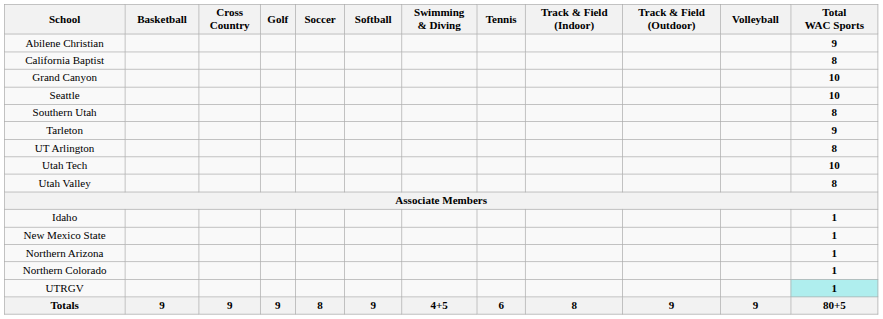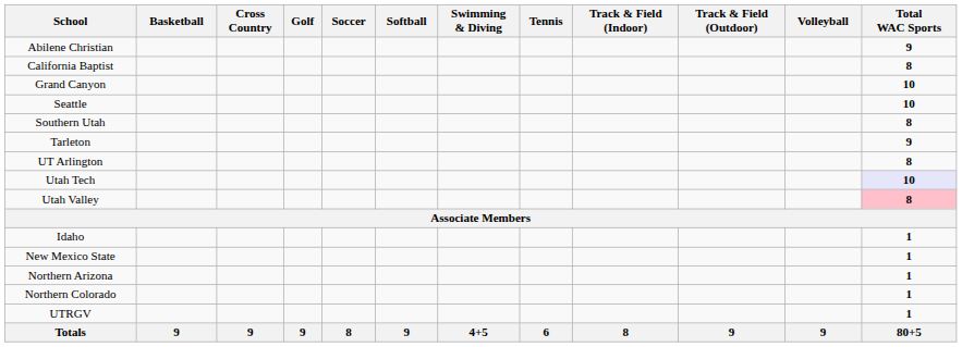 <table class="wikitable" style="text-align:center; width:80%">
 <tr>
 <th>School</th>
 <th>Basketball</th>
 <th>Cross<br>Country</th>
 <th>Golf</th>
 <th>Soccer</th>
 <th>Softball</th>
 <th>Swimming<br>& Diving</th>
 <th>Tennis</th>
 <th>Track & Field<br>(Indoor)</th>
 <th>Track & Field<br>(Outdoor)</th>
 <th>Volleyball</th>
 <th>Total<br>WAC Sports</th>
 </tr>
 <tr>
 <td>Abilene Christian</td>
 <td></td>
 <td></td>
 <td></td>
 <td></td>
 <td></td>
 <td></td>
 <td></td>
 <td></td>
 <td></td>
 <td></td>
 <td><strong>9</strong></td>
 </tr>
 <tr>
 <td>California Baptist</td>
 <td></td>
 <td></td>
 <td></td>
 <td></td>
 <td></td>
 <td></td>
 <td></td>
 <td></td>
 <td></td>
 <td></td>
 <td><strong>8</strong></td>
 </tr>
 <tr>
 <td>Grand Canyon</td>
 <td></td>
 <td></td>
 <td></td>
 <td></td>
 <td></td>
 <td></td>
 <td></td>
 <td></td>
 <td></td>
 <td></td>
 <td><strong>10</strong></td>
 </tr>
 <tr>
 <td>Seattle</td>
 <td></td>
 <td></td>
 <td></td>
 <td></td>
 <td></td>
 <td></td>
 <td></td>
 <td></td>
 <td></td>
 <td></td>
 <td><strong>10</strong></td>
 </tr>
 <tr>
 <td>Southern Utah</td>
 <td></td>
 <td></td>
 <td></td>
 <td></td>
 <td></td>
 <td></td>
 <td></td>
 <td></td>
 <td></td>
 <td></td>
 <td><strong>8</strong></td>
 </tr>
 <tr>
 <td>Tarleton</td>
 <td></td>
 <td></td>
 <td></td>
 <td></td>
 <td></td>
 <td></td>
 <td></td>
 <td></td>
 <td></td>
 <td></td>
 <td><strong>9</strong></td>
 </tr>
 <tr>
 <td>UT Arlington</td>
 <td></td>
 <td></td>
 <td></td>
 <td></td>
 <td></td>
 <td></td>
 <td></td>
 <td></td>
 <td></td>
 <td></td>
 <td><strong>8</strong></td>
 </tr>
 <tr>
 <td>Utah Tech</td>
 <td></td>
 <td></td>
 <td></td>
 <td></td>
 <td></td>
 <td></td>
 <td></td>
 <td></td>
 <td></td>
 <td></td>
-<td><strong>10</strong></td>
+<td style="background: lavender;"><strong>10</strong></td>
 </tr>
 <tr>
 <td>Utah Valley</td>
 <td></td>
 <td></td>
 <td></td>
 <td></td>
 <td></td>
 <td></td>
 <td></td>
 <td></td>
 <td></td>
 <td></td>
-<td><strong>8</strong></td>
+<td style="background: pink;"><strong>8</strong></td>
 </tr>
 <tr>
 <th colspan="12">Associate Members</th>
 </tr>
 <tr>
 <td>Idaho</td>
 <td></td>
 <td></td>
 <td></td>
 <td></td>
 <td></td>
 <td></td>
 <td></td>
 <td></td>
 <td></td>
 <td></td>
 <td><strong>1</strong></td>
 </tr>
 <tr>
 <td>New Mexico State</td>
 <td></td>
 <td></td>
 <td></td>
 <td></td>
 <td></td>
 <td></td>
 <td></td>
 <td></td>
 <td></td>
 <td></td>
 <td><strong>1</strong></td>
 </tr>
 <tr>
 <td>Northern Arizona</td>
 <td></td>
 <td></td>
 <td></td>
 <td></td>
 <td></td>
 <td></td>
 <td></td>
 <td></td>
 <td></td>
 <td></td>
 <td><strong>1</strong></td>
 </tr>
 <tr>
 <td>Northern Colorado</td>
 <td></td>
 <td></td>
 <td></td>
 <td></td>
 <td></td>
 <td></td>
 <td></td>
 <td></td>
 <td></td>
 <td></td>
 <td><strong>1</strong></td>
 </tr>
 <tr>
 <td>UTRGV</td>
 <td></td>
 <td></td>
 <td></td>
 <td></td>
 <td></td>
 <td></td>
 <td></td>
 <td></td>
 <td></td>
 <td></td>
-<td style="background: paleturquoise;"><strong>1</strong></td>
+<td><strong>1</strong></td>
 </tr>
 <tr>
 <th>Totals</th>
 <th>9</th>
 <th>9</th>
 <th>9</th>
 <th>8</th>
 <th>9</th>
 <th>4+5</th>
 <th>6</th>
 <th>8</th>
 <th>9</th>
 <th>9</th>
 <th><strong>80+5</strong></th>
 </tr>
 </table>
